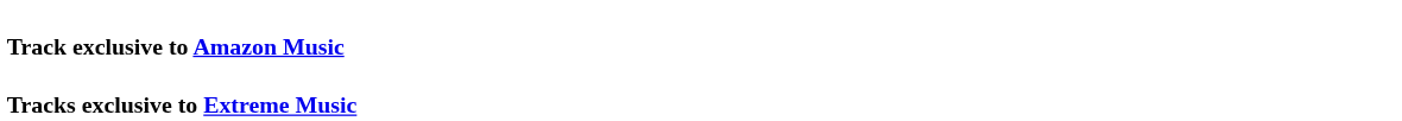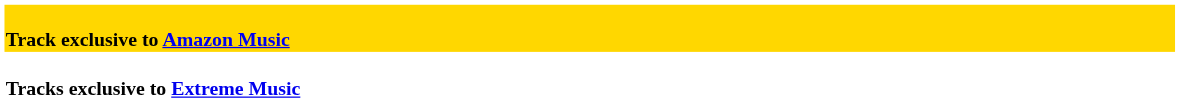 <table width=75%>
 <tr>
 <td><br></td>
 </tr>
 <tr>
-<td><br><strong>Track exclusive to <a href='#'>Amazon Music</a></strong> </td>
+<td style="background: gold;"><br><strong>Track exclusive to <a href='#'>Amazon Music</a></strong> </td>
 </tr>
 <tr>
 <td><br><strong>Tracks exclusive to <a href='#'>Extreme Music</a></strong> </td>
 </tr>
 </table>
